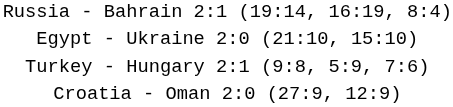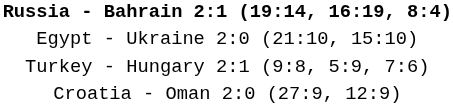 <table style="text-align:center">
 <tr>
 <th width=500></th>
 </tr>
 <tr>
-<td>Russia - Bahrain 2:1 (19:14, 16:19, 8:4)</td>
+<td><strong>Russia - Bahrain 2:1 (19:14, 16:19, 8:4)</strong></td>
 </tr>
 <tr>
 <td>Egypt - Ukraine 2:0 (21:10, 15:10)</td>
 </tr>
 <tr>
 <td>Turkey - Hungary 2:1 (9:8, 5:9, 7:6)</td>
 </tr>
 <tr>
 <td>Croatia - Oman 2:0 (27:9, 12:9)</td>
 </tr>
 <tr>
 </tr>
 </table>
